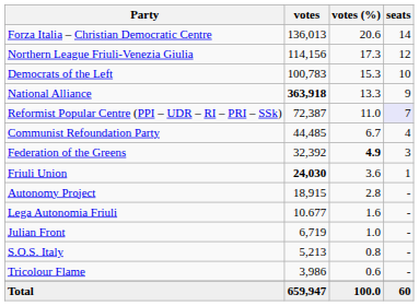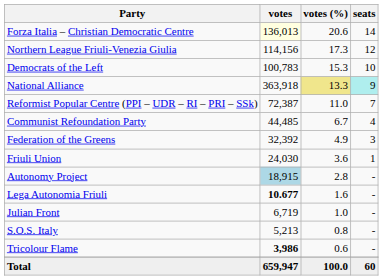 <table class="wikitable" style="font-size:95%">
 <tr bgcolor="EFEFEF">
 <th>Party</th>
 <th>votes</th>
 <th>votes (%)</th>
 <th>seats</th>
 </tr>
 <tr>
 <td><a href='#'>Forza Italia</a> – <a href='#'>Christian Democratic Centre</a></td>
-<td align=right>136,013</td>
+<td align=right style="background: lightyellow;">136,013</td>
 <td align=right>20.6</td>
 <td align=right>14</td>
 </tr>
 <tr>
 <td><a href='#'>Northern League Friuli-Venezia Giulia</a></td>
 <td align=right>114,156</td>
 <td align=right>17.3</td>
 <td align=right>12</td>
 </tr>
 <tr>
 <td><a href='#'>Democrats of the Left</a></td>
 <td align=right>100,783</td>
 <td align=right>15.3</td>
 <td align=right>10</td>
 </tr>
 <tr>
 <td><a href='#'>National Alliance</a></td>
-<td align=right><strong>363,918</strong></td>
-<td align=right>13.3</td>
-<td align=right>9</td>
+<td align=right>363,918</td>
+<td align=right style="background: khaki;">13.3</td>
+<td align=right style="background: paleturquoise;">9</td>
 </tr>
 <tr>
 <td><a href='#'>Reformist Popular Centre</a> (<a href='#'>PPI</a> – <a href='#'>UDR</a> – <a href='#'>RI</a> – <a href='#'>PRI</a> – <a href='#'>SSk</a>)</td>
 <td align=right>72,387</td>
 <td align=right>11.0</td>
-<td align=right style="background: lavender;">7</td>
+<td align=right>7</td>
 </tr>
 <tr>
 <td><a href='#'>Communist Refoundation Party</a></td>
 <td align=right>44,485</td>
 <td align=right>6.7</td>
 <td align=right>4</td>
 </tr>
 <tr>
 <td><a href='#'>Federation of the Greens</a></td>
 <td align=right>32,392</td>
-<td align=right><strong>4.9</strong></td>
+<td align=right>4.9</td>
 <td align=right>3</td>
 </tr>
 <tr>
 <td><a href='#'>Friuli Union</a></td>
-<td align=right><strong>24,030</strong></td>
+<td align=right>24,030</td>
 <td align=right>3.6</td>
 <td align=right>1</td>
 </tr>
 <tr>
 <td><a href='#'>Autonomy Project</a></td>
-<td align=right>18,915</td>
+<td align=right style="background: lightblue;">18,915</td>
 <td align=right>2.8</td>
 <td align=right>-</td>
 </tr>
 <tr>
 <td><a href='#'>Lega Autonomia Friuli</a></td>
-<td align=right>10.677</td>
+<td align=right><strong>10.677</strong></td>
 <td align=right>1.6</td>
 <td align=right>-</td>
 </tr>
 <tr>
 <td><a href='#'>Julian Front</a></td>
 <td align=right>6,719</td>
 <td align=right>1.0</td>
 <td align=right>-</td>
 </tr>
 <tr>
 <td><a href='#'>S.O.S. Italy</a></td>
 <td align=right>5,213</td>
 <td align=right>0.8</td>
 <td align=right>-</td>
 </tr>
 <tr>
 <td><a href='#'>Tricolour Flame</a></td>
-<td align=right>3,986</td>
+<td align=right><strong>3,986</strong></td>
 <td align=right>0.6</td>
 <td align=right>-</td>
 </tr>
 <tr>
 </tr>
 <tr bgcolor="EFEFEF">
 <td><strong>Total</strong></td>
 <td align=right><strong>659,947</strong></td>
 <td align=right><strong>100.0</strong></td>
 <td align=right><strong>60</strong></td>
 </tr>
 </table>
